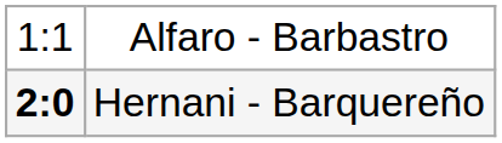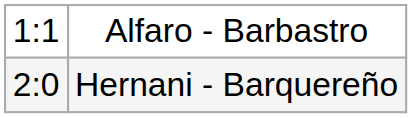 <table class="wikitable">
 <tr align=center bgcolor=white>
 <td>1:1</td>
 <td>Alfaro - Barbastro</td>
 </tr>
 <tr align=center bgcolor=#F5F5F5>
-<td><strong>2:0</strong></td>
+<td>2:0</td>
 <td>Hernani - Barquereño</td>
 </tr>
 </table>
